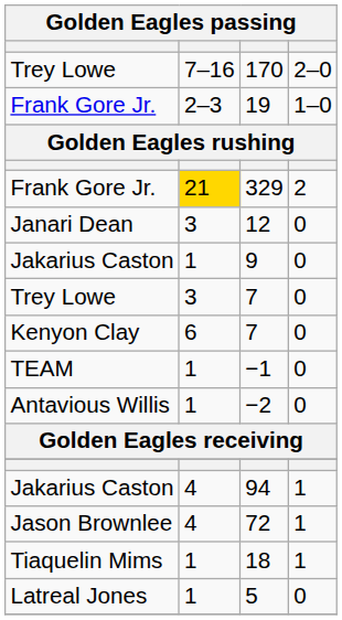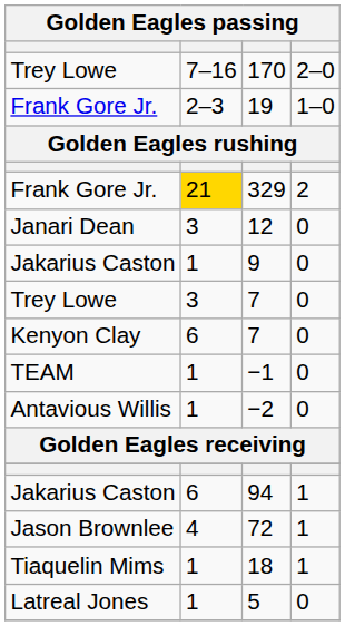 <table class="wikitable plainrowheaders">
 <tr>
 <th colspan="6">Golden Eagles passing</th>
 </tr>
 <tr>
 <th scope="col"></th>
 <th scope="col"></th>
 <th scope="col"></th>
 <th scope="col"></th>
 </tr>
 <tr>
 <td>Trey Lowe</td>
 <td>7–16</td>
 <td>170</td>
 <td>2–0</td>
 </tr>
 <tr>
 <td><a href='#'>Frank Gore Jr.</a></td>
 <td>2–3</td>
 <td>19</td>
 <td>1–0</td>
 </tr>
 <tr>
 <th colspan="6">Golden Eagles rushing</th>
 </tr>
 <tr>
 <th scope="col"></th>
 <th scope="col"></th>
 <th scope="col"></th>
 <th scope="col"></th>
 </tr>
 <tr>
 <td>Frank Gore Jr.</td>
 <td style="background: gold;">21</td>
 <td>329</td>
 <td>2</td>
 </tr>
 <tr>
 <td>Janari Dean</td>
 <td>3</td>
 <td>12</td>
 <td>0</td>
 </tr>
 <tr>
 <td>Jakarius Caston</td>
 <td>1</td>
 <td>9</td>
 <td>0</td>
 </tr>
 <tr>
 <td>Trey Lowe</td>
 <td>3</td>
 <td>7</td>
 <td>0</td>
 </tr>
 <tr>
 <td>Kenyon Clay</td>
 <td>6</td>
 <td>7</td>
 <td>0</td>
 </tr>
 <tr>
 <td>TEAM</td>
 <td>1</td>
 <td>−1</td>
 <td>0</td>
 </tr>
 <tr>
 <td>Antavious Willis</td>
 <td>1</td>
 <td>−2</td>
 <td>0</td>
 </tr>
 <tr>
 <th colspan="6">Golden Eagles receiving</th>
 </tr>
 <tr>
 </tr>
 <tr>
 <th scope="col"></th>
 <th scope="col"></th>
 <th scope="col"></th>
 <th scope="col"></th>
 </tr>
 <tr>
 <td>Jakarius Caston</td>
-<td>4</td>
+<td>6</td>
 <td>94</td>
 <td>1</td>
 </tr>
 <tr>
 <td>Jason Brownlee</td>
 <td>4</td>
 <td>72</td>
 <td>1</td>
 </tr>
 <tr>
 <td>Tiaquelin Mims</td>
 <td>1</td>
 <td>18</td>
 <td>1</td>
 </tr>
 <tr>
 <td>Latreal Jones</td>
 <td>1</td>
 <td>5</td>
 <td>0</td>
 </tr>
 <tr>
 </tr>
 </table>
